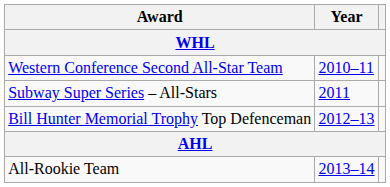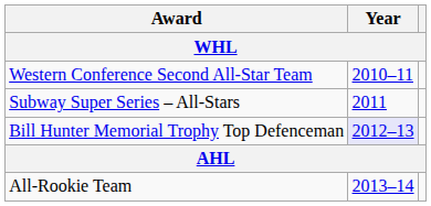 <table class="wikitable">
 <tr>
 <th>Award</th>
 <th>Year</th>
 <th></th>
 </tr>
 <tr>
 <th colspan="3"><a href='#'>WHL</a></th>
 </tr>
 <tr>
 <td><a href='#'>Western Conference Second All-Star Team</a></td>
 <td><a href='#'>2010–11</a></td>
 <td></td>
 </tr>
 <tr>
 <td><a href='#'>Subway Super Series</a> – All-Stars</td>
 <td><a href='#'>2011</a></td>
 <td></td>
 </tr>
 <tr>
 <td><a href='#'>Bill Hunter Memorial Trophy</a> Top Defenceman</td>
-<td><a href='#'>2012–13</a></td>
+<td style="background: lavender;"><a href='#'>2012–13</a></td>
 <td></td>
 </tr>
 <tr>
 <th colspan="3"><a href='#'>AHL</a></th>
 </tr>
 <tr>
 <td>All-Rookie Team</td>
 <td><a href='#'>2013–14</a></td>
 <td></td>
 </tr>
 </table>
